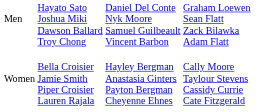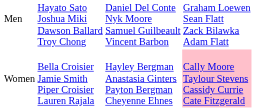 <table>
 <tr>
 <td>Men</td>
 <td><br><a href='#'>Hayato Sato</a><br><a href='#'>Joshua Miki</a><br><a href='#'>Dawson Ballard</a><br><a href='#'>Troy Chong</a></td>
 <td><br><a href='#'>Daniel Del Conte</a><br><a href='#'>Nyk Moore</a><br><a href='#'>Samuel Guilbeault</a><br><a href='#'>Vincent Barbon</a></td>
 <td><br><a href='#'>Graham Loewen</a><br><a href='#'>Sean Flatt</a><br><a href='#'>Zack Bilawka</a><br><a href='#'>Adam Flatt</a></td>
 </tr>
 <tr>
 <td>Women</td>
 <td><br><a href='#'>Bella Croisier</a><br><a href='#'>Jamie Smith</a><br><a href='#'>Piper Croisier</a><br><a href='#'>Lauren Rajala</a></td>
 <td><br><a href='#'>Hayley Bergman</a><br><a href='#'>Anastasia Ginters</a><br><a href='#'>Payton Bergman</a><br><a href='#'>Cheyenne Ehnes</a></td>
-<td><br><a href='#'>Cally Moore</a><br><a href='#'>Taylour Stevens</a><br><a href='#'>Cassidy Currie</a><br><a href='#'>Cate Fitzgerald</a></td>
+<td style="background: pink;"><br><a href='#'>Cally Moore</a><br><a href='#'>Taylour Stevens</a><br><a href='#'>Cassidy Currie</a><br><a href='#'>Cate Fitzgerald</a></td>
 </tr>
 </table>
